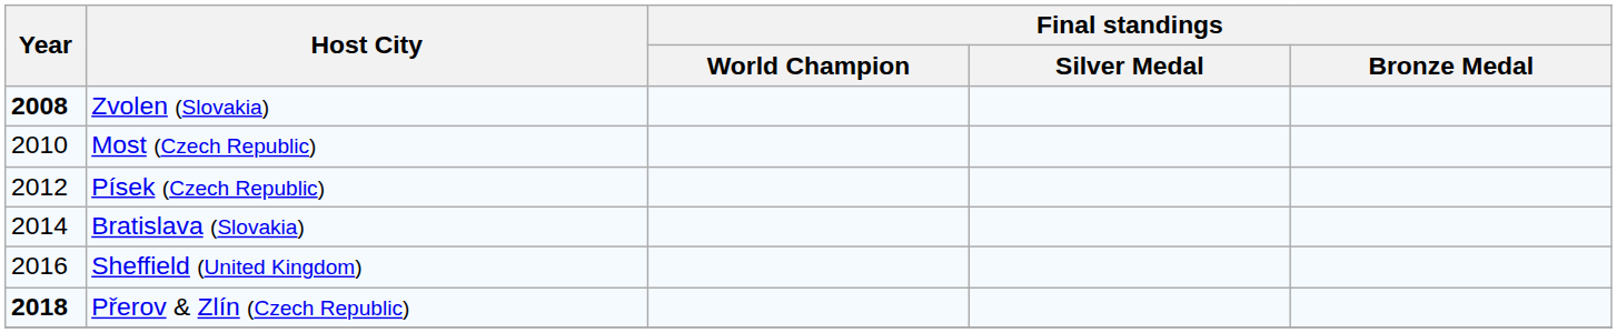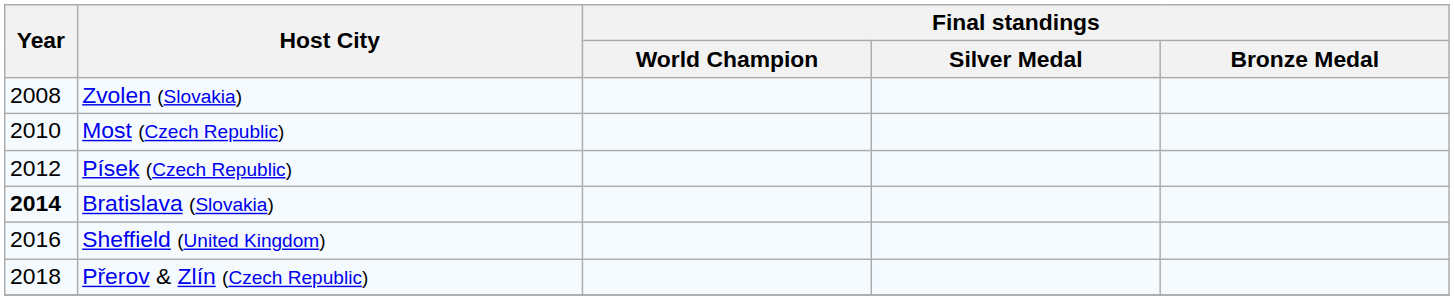 <table class="wikitable zebra" style="text-align:left; background-color:#F5FAFF; width:80%">
 <tr class="hintergrundfarbe5">
 <th rowspan="2" style="width:5%">Year</th>
 <th rowspan="2" style="width:35%">Host City</th>
 <th colspan="4">Final standings</th>
 </tr>
 <tr>
 <th style="width:20%">World Champion</th>
 <th style="width:20%">Silver Medal</th>
 <th style="width:20%">Bronze Medal</th>
 </tr>
 <tr>
-<td><strong>2008</strong></td>
+<td>2008</td>
 <td><a href='#'>Zvolen</a> <small>(<a href='#'>Slovakia</a>)</small></td>
 <td></td>
 <td></td>
 <td></td>
 </tr>
 <tr>
 <td>2010</td>
 <td><a href='#'>Most</a> <small>(<a href='#'>Czech Republic</a>)</small></td>
 <td></td>
 <td></td>
 <td></td>
 </tr>
 <tr>
 <td>2012</td>
 <td><a href='#'>Písek</a> <small>(<a href='#'>Czech Republic</a>)</small></td>
 <td></td>
 <td></td>
 <td></td>
 </tr>
 <tr>
-<td>2014</td>
+<td><strong>2014</strong></td>
 <td><a href='#'>Bratislava</a> <small>(<a href='#'>Slovakia</a>)</small></td>
 <td></td>
 <td></td>
 <td></td>
 </tr>
 <tr>
 <td>2016</td>
 <td><a href='#'>Sheffield</a> <small>(<a href='#'>United Kingdom</a>)</small></td>
 <td></td>
 <td></td>
 <td></td>
 </tr>
 <tr>
-<td><strong>2018</strong></td>
+<td>2018</td>
 <td><a href='#'>Přerov</a> & <a href='#'>Zlín</a> <small>(<a href='#'>Czech Republic</a>)</small></td>
 <td></td>
 <td></td>
 <td></td>
 </tr>
 <tr>
 </tr>
 </table>
